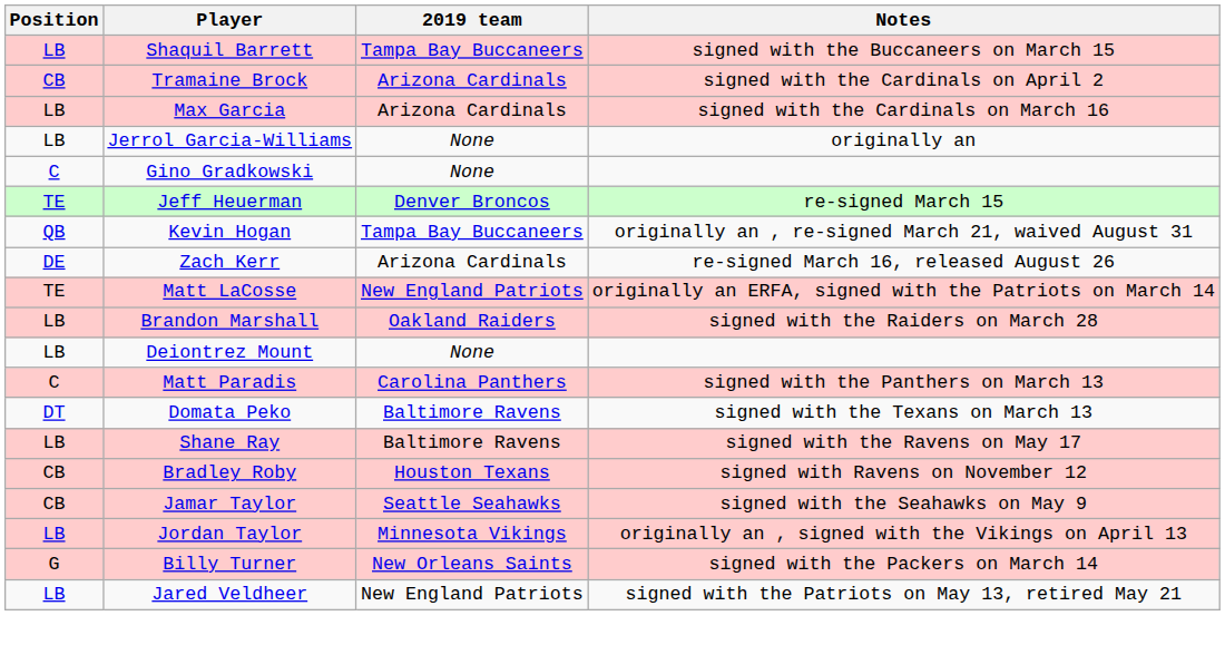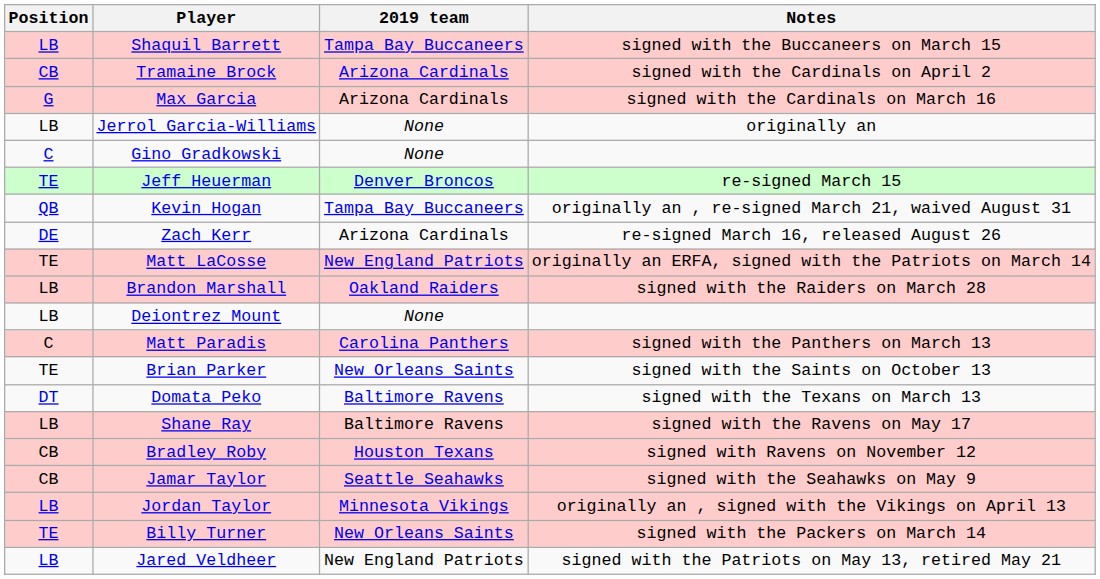 <table class="wikitable" style="text-align:center">
 <tr>
 <th>Position</th>
 <th>Player</th>
 <th>2019 team</th>
 <th>Notes</th>
 </tr>
 <tr style="background:#fcc">
 <td><a href='#'>LB</a></td>
 <td><a href='#'>Shaquil Barrett</a></td>
 <td><a href='#'>Tampa Bay Buccaneers</a></td>
 <td>signed with the Buccaneers on March 15</td>
 </tr>
 <tr style="background:#fcc">
 <td><a href='#'>CB</a></td>
 <td><a href='#'>Tramaine Brock</a></td>
 <td><a href='#'>Arizona Cardinals</a></td>
 <td>signed with the Cardinals on April 2</td>
 </tr>
 <tr style="background:#fcc">
-<td>LB</td>
+<td><a href='#'>G</a></td>
 <td><a href='#'>Max Garcia</a></td>
 <td>Arizona Cardinals</td>
 <td>signed with the Cardinals on March 16</td>
 </tr>
 <tr>
 <td>LB</td>
 <td><a href='#'>Jerrol Garcia-Williams</a></td>
 <td><em>None</em></td>
 <td>originally an </td>
 </tr>
 <tr>
 <td><a href='#'>C</a></td>
 <td><a href='#'>Gino Gradkowski</a></td>
 <td><em>None</em></td>
 <td></td>
 </tr>
 <tr style="background:#cfc">
 <td><a href='#'>TE</a></td>
 <td><a href='#'>Jeff Heuerman</a></td>
 <td><a href='#'>Denver Broncos</a></td>
 <td>re-signed March 15</td>
 </tr>
 <tr>
 <td><a href='#'>QB</a></td>
 <td><a href='#'>Kevin Hogan</a></td>
 <td><a href='#'>Tampa Bay Buccaneers</a></td>
 <td>originally an , re-signed March 21, waived August 31</td>
 </tr>
 <tr>
 <td><a href='#'>DE</a></td>
 <td><a href='#'>Zach Kerr</a></td>
 <td>Arizona Cardinals</td>
 <td>re-signed March 16, released August 26</td>
 </tr>
 <tr style="background:#fcc">
 <td>TE</td>
 <td><a href='#'>Matt LaCosse</a></td>
 <td><a href='#'>New England Patriots</a></td>
 <td>originally an ERFA, signed with the Patriots on March 14</td>
 </tr>
 <tr style="background:#fcc">
 <td>LB</td>
 <td><a href='#'>Brandon Marshall</a></td>
 <td><a href='#'>Oakland Raiders</a></td>
 <td>signed with the Raiders on March 28</td>
 </tr>
 <tr>
 <td>LB</td>
 <td><a href='#'>Deiontrez Mount</a></td>
 <td><em>None</em></td>
 <td></td>
 </tr>
 <tr style="background:#fcc">
 <td>C</td>
 <td><a href='#'>Matt Paradis</a></td>
 <td><a href='#'>Carolina Panthers</a></td>
 <td>signed with the Panthers on March 13</td>
 </tr>
 <tr>
+<td>TE</td>
+<td><a href='#'>Brian Parker</a></td>
+<td><a href='#'>New Orleans Saints</a></td>
+<td>signed with the Saints on October 13</td>
+</tr>
+<tr>
 <td><a href='#'>DT</a></td>
 <td><a href='#'>Domata Peko</a></td>
 <td><a href='#'>Baltimore Ravens</a></td>
 <td>signed with the Texans on March 13</td>
 </tr>
 <tr style="background:#fcc">
 <td>LB</td>
 <td><a href='#'>Shane Ray</a></td>
 <td>Baltimore Ravens</td>
 <td>signed with the Ravens on May 17</td>
 </tr>
 <tr style="background:#fcc">
 <td>CB</td>
 <td><a href='#'>Bradley Roby</a></td>
 <td><a href='#'>Houston Texans</a></td>
 <td>signed with Ravens on November 12</td>
 </tr>
 <tr style="background:#fcc">
 <td>CB</td>
 <td><a href='#'>Jamar Taylor</a></td>
 <td><a href='#'>Seattle Seahawks</a></td>
 <td>signed with the Seahawks on May 9</td>
 </tr>
 <tr style="background:#fcc">
 <td><a href='#'>LB</a></td>
 <td><a href='#'>Jordan Taylor</a></td>
 <td><a href='#'>Minnesota Vikings</a></td>
 <td>originally an , signed with the Vikings on April 13</td>
 </tr>
 <tr style="background:#fcc">
-<td>G</td>
+<td><a href='#'>TE</a></td>
 <td><a href='#'>Billy Turner</a></td>
 <td><a href='#'>New Orleans Saints</a></td>
 <td>signed with the Packers on March 14</td>
 </tr>
 <tr>
 <td><a href='#'>LB</a></td>
 <td><a href='#'>Jared Veldheer</a></td>
 <td>New England Patriots</td>
 <td>signed with the Patriots on May 13, retired May 21</td>
 </tr>
 </table>
